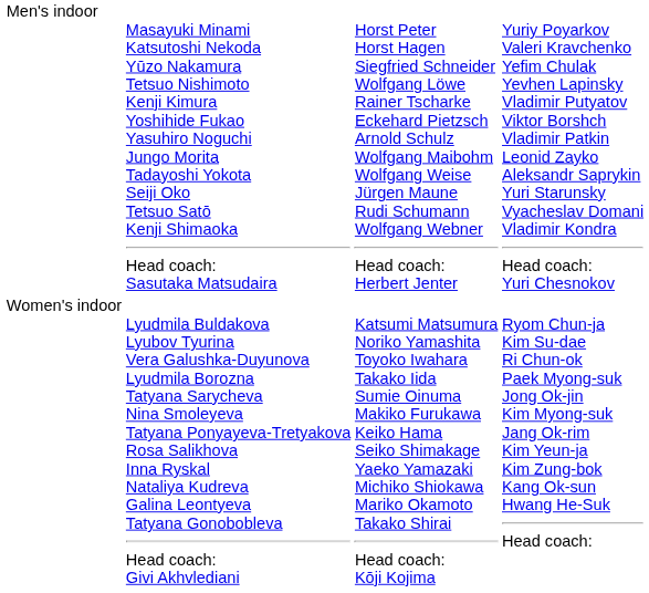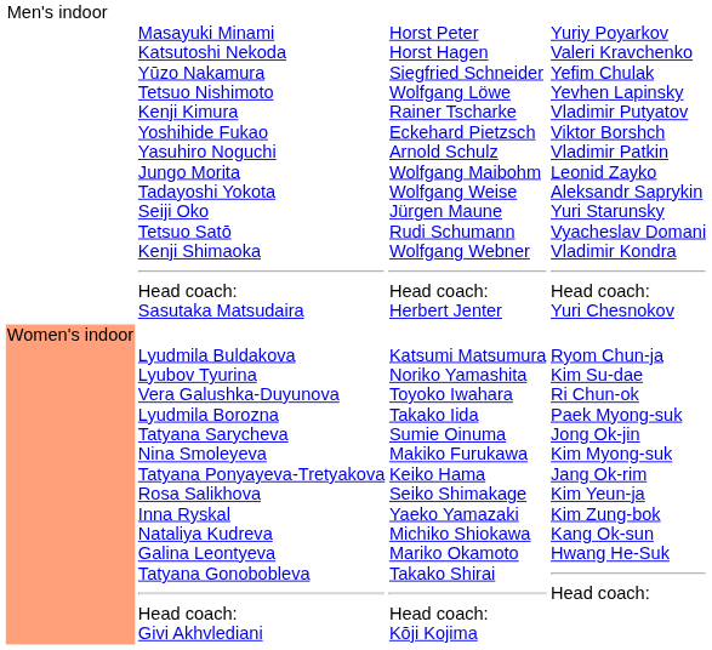 <table>
 <tr valign="top">
 <td>Men's indoor<br></td>
 <td valign=top><br><a href='#'>Masayuki Minami</a><br><a href='#'>Katsutoshi Nekoda</a><br><a href='#'>Yūzo Nakamura</a><br><a href='#'>Tetsuo Nishimoto</a><br><a href='#'>Kenji Kimura</a><br><a href='#'>Yoshihide Fukao</a><br><a href='#'>Yasuhiro Noguchi</a><br><a href='#'>Jungo Morita</a><br><a href='#'>Tadayoshi Yokota</a><br><a href='#'>Seiji Oko</a><br><a href='#'>Tetsuo Satō</a><br><a href='#'>Kenji Shimaoka</a><br><hr>Head coach:<br><a href='#'>Sasutaka Matsudaira</a></td>
 <td valign=top><br><a href='#'>Horst Peter</a><br><a href='#'>Horst Hagen</a><br><a href='#'>Siegfried Schneider</a><br><a href='#'>Wolfgang Löwe</a><br><a href='#'>Rainer Tscharke</a><br><a href='#'>Eckehard Pietzsch</a><br><a href='#'>Arnold Schulz</a><br><a href='#'>Wolfgang Maibohm</a><br><a href='#'>Wolfgang Weise</a><br><a href='#'>Jürgen Maune</a><br><a href='#'>Rudi Schumann</a><br><a href='#'>Wolfgang Webner</a><br><hr>Head coach:<br><a href='#'>Herbert Jenter</a></td>
 <td valign=top><br><a href='#'>Yuriy Poyarkov</a><br><a href='#'>Valeri Kravchenko</a><br><a href='#'>Yefim Chulak</a><br><a href='#'>Yevhen Lapinsky</a><br><a href='#'>Vladimir Putyatov</a><br><a href='#'>Viktor Borshch</a><br><a href='#'>Vladimir Patkin</a><br><a href='#'>Leonid Zayko</a><br><a href='#'>Aleksandr Saprykin</a><br><a href='#'>Yuri Starunsky</a><br><a href='#'>Vyacheslav Domani</a><br><a href='#'>Vladimir Kondra</a><br><hr>Head coach:<br><a href='#'>Yuri Chesnokov</a></td>
 </tr>
 <tr valign="top">
-<td>Women's indoor<br></td>
+<td style="background: lightsalmon;">Women's indoor<br></td>
 <td valign=top><br><a href='#'>Lyudmila Buldakova</a><br><a href='#'>Lyubov Tyurina</a><br><a href='#'>Vera Galushka-Duyunova</a><br><a href='#'>Lyudmila Borozna</a><br><a href='#'>Tatyana Sarycheva</a><br><a href='#'>Nina Smoleyeva</a><br><a href='#'>Tatyana Ponyayeva-Tretyakova</a><br><a href='#'>Rosa Salikhova</a><br><a href='#'>Inna Ryskal</a><br><a href='#'>Nataliya Kudreva</a><br><a href='#'>Galina Leontyeva</a><br><a href='#'>Tatyana Gonobobleva</a><br><hr>Head coach:<br><a href='#'>Givi Akhvlediani</a></td>
 <td valign=top><br><a href='#'>Katsumi Matsumura</a><br><a href='#'>Noriko Yamashita</a><br><a href='#'>Toyoko Iwahara</a><br><a href='#'>Takako Iida</a><br><a href='#'>Sumie Oinuma</a><br><a href='#'>Makiko Furukawa</a><br><a href='#'>Keiko Hama</a><br><a href='#'>Seiko Shimakage</a><br><a href='#'>Yaeko Yamazaki</a><br><a href='#'>Michiko Shiokawa</a><br><a href='#'>Mariko Okamoto</a><br><a href='#'>Takako Shirai</a><br><hr>Head coach:<br><a href='#'>Kōji Kojima</a></td>
 <td valign=top><br><a href='#'>Ryom Chun-ja</a><br><a href='#'>Kim Su-dae</a><br><a href='#'>Ri Chun-ok</a><br><a href='#'>Paek Myong-suk</a><br><a href='#'>Jong Ok-jin</a><br><a href='#'>Kim Myong-suk</a><br><a href='#'>Jang Ok-rim</a><br><a href='#'>Kim Yeun-ja</a><br><a href='#'>Kim Zung-bok</a><br><a href='#'>Kang Ok-sun</a><br><a href='#'>Hwang He-Suk</a><br><hr>Head coach:</td>
 </tr>
 </table>
